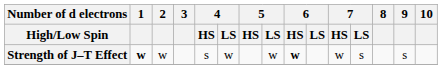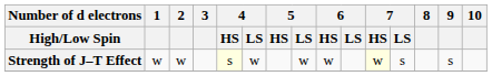 <table class="wikitable" style="text-align:center">
 <tr>
 <th>Number of d electrons</th>
 <th>1</th>
 <th>2</th>
 <th>3</th>
 <th colspan="2">4</th>
 <th colspan="2">5</th>
 <th colspan="2">6</th>
 <th colspan="2">7</th>
 <th>8</th>
 <th>9</th>
 <th>10</th>
 </tr>
 <tr>
 <th>High/Low Spin</th>
 <th></th>
 <th></th>
 <th></th>
 <th>HS</th>
 <th>LS</th>
 <th>HS</th>
 <th>LS</th>
 <th>HS</th>
 <th>LS</th>
 <th>HS</th>
 <th>LS</th>
 <th></th>
 <th></th>
 <th></th>
 </tr>
 <tr>
 <th>Strength of J–T Effect</th>
-<td style="width:20px"><strong>w</strong></td>
+<td style="width:20px">w</td>
 <td style="width:20px">w</td>
 <td style="width:20px"></td>
-<td style="width:20px">s</td>
+<td style="background: lightyellow; width:20px">s</td>
 <td style="width:20px">w</td>
 <td style="width:20px"></td>
 <td style="width:20px">w</td>
-<td style="width:20px"><strong>w</strong></td>
+<td style="width:20px">w</td>
 <td style="width:20px"></td>
-<td style="width:20px">w</td>
+<td style="background: lightyellow; width:20px">w</td>
 <td style="width:20px">s</td>
 <td style="width:20px"></td>
 <td style="width:20px">s</td>
 <td style="width:20px"></td>
 </tr>
 <tr>
 </tr>
 </table>
